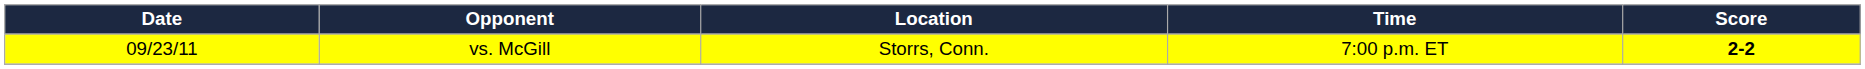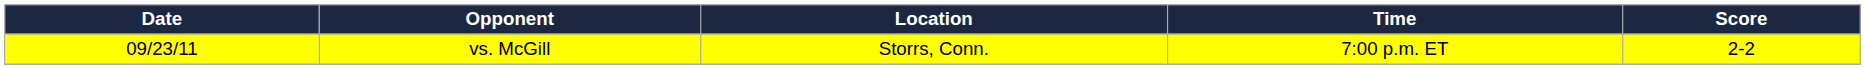 <table class="wikitable" width="80%">
 <tr align="center"  style=" background:#1c2841; color:white;">
 <td><strong>Date</strong></td>
 <td><strong>Opponent</strong></td>
 <td><strong>Location</strong></td>
 <td><strong>Time</strong></td>
 <td><strong>Score</strong></td>
 </tr>
 <tr align="center" bgcolor="yellow">
 <td>09/23/11</td>
 <td>vs. McGill</td>
 <td>Storrs, Conn.</td>
 <td>7:00 p.m. ET</td>
-<td><strong>2-2</strong></td>
+<td>2-2</td>
 </tr>
 <tr align="center" bgcolor="">
 </tr>
 </table>
